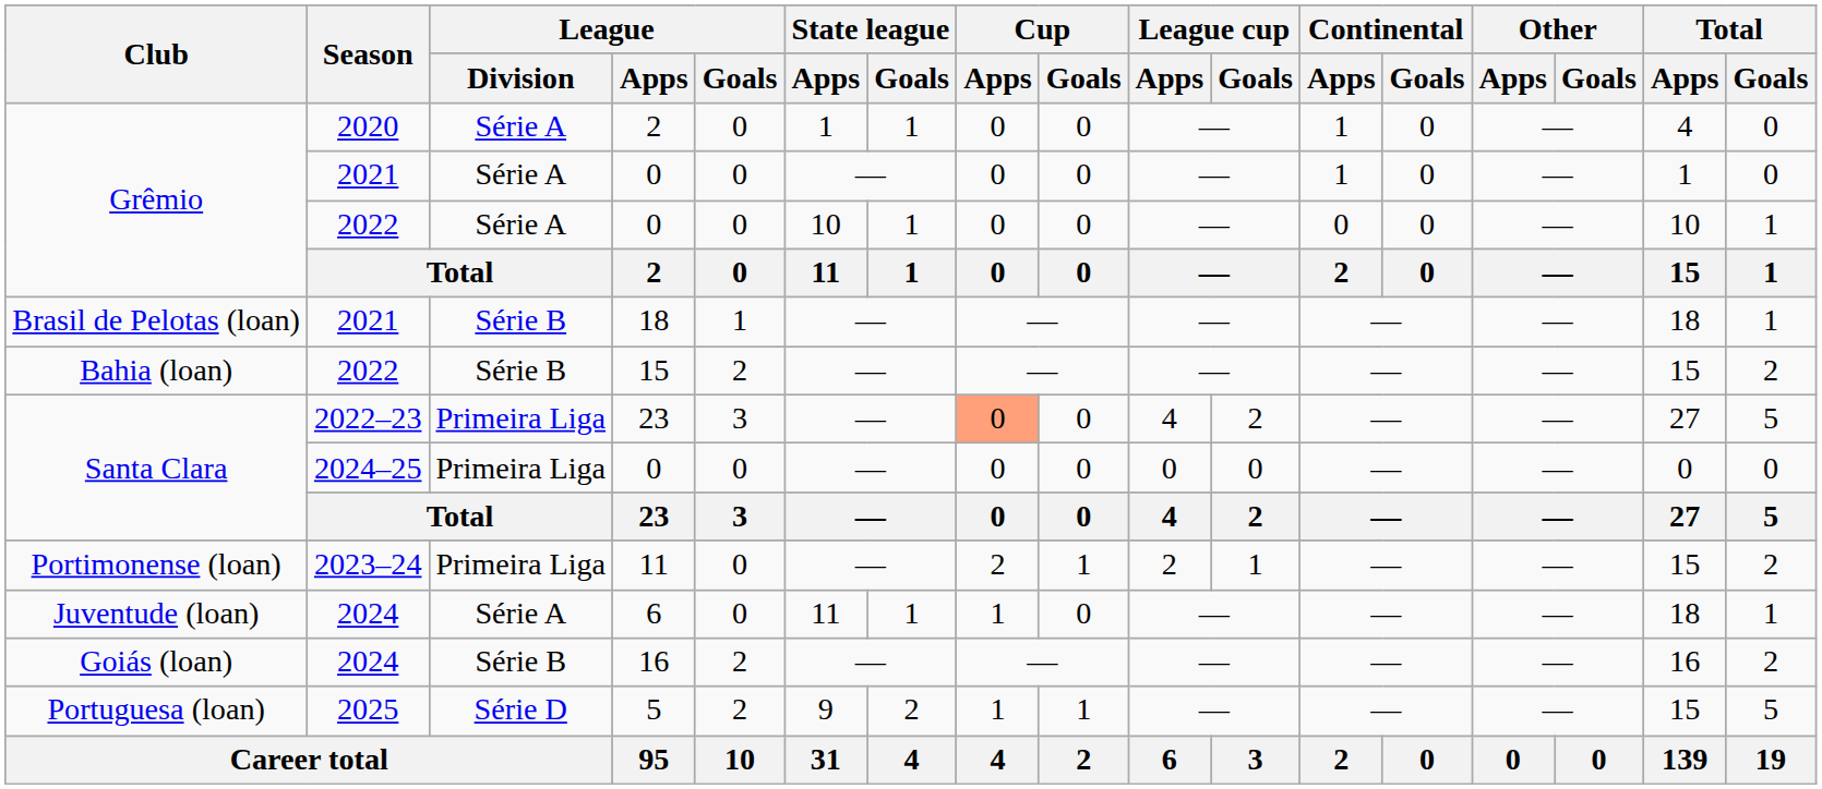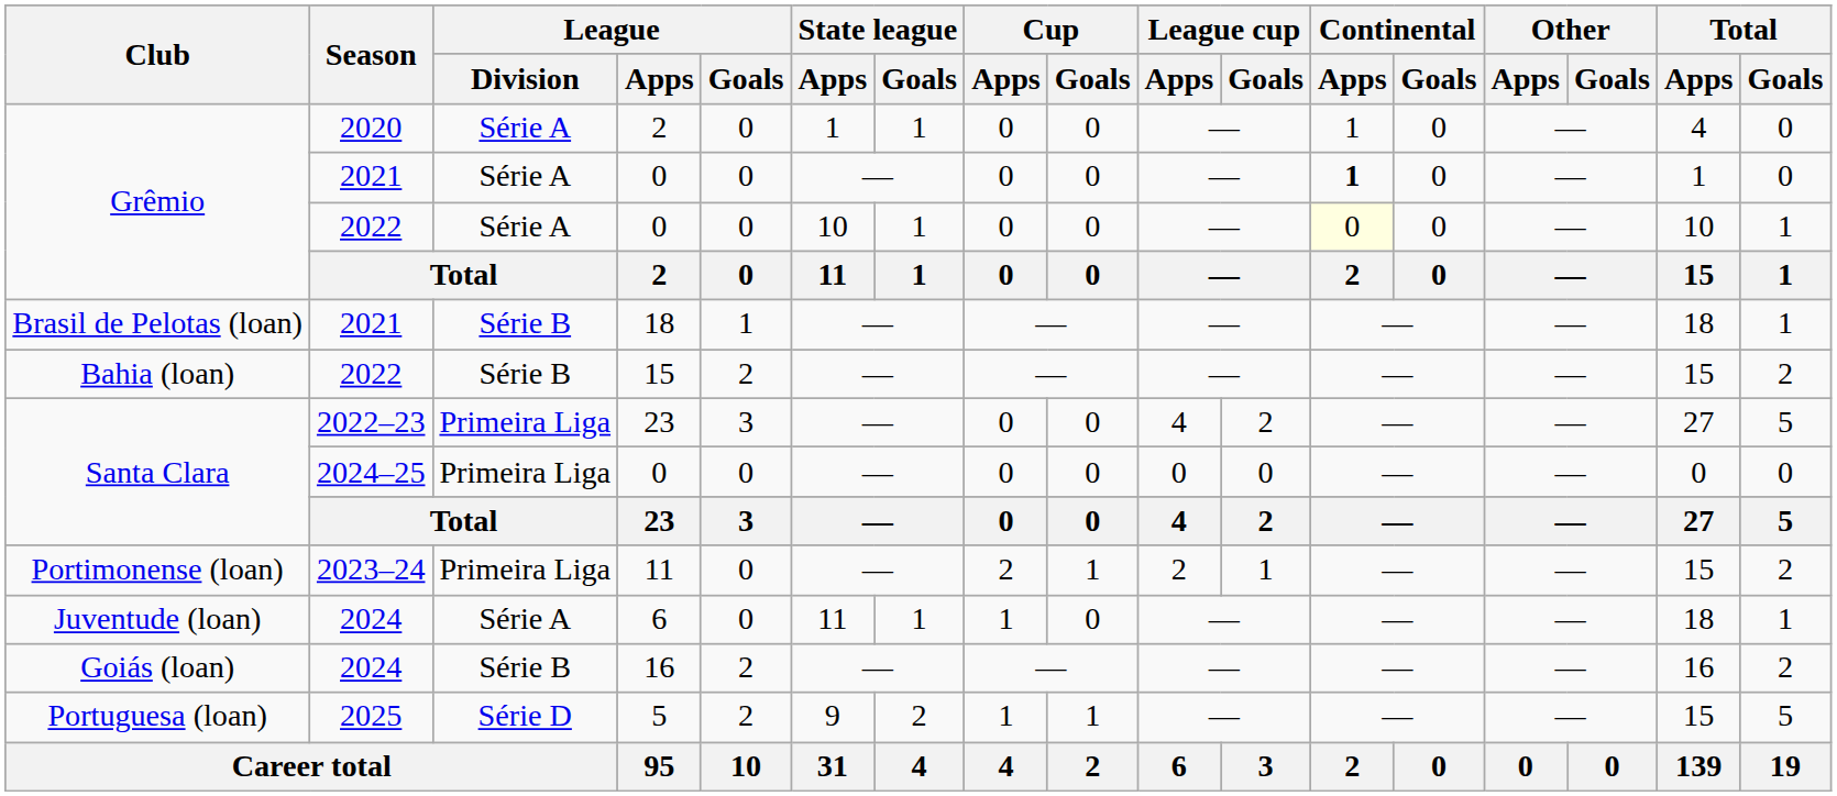 <table class="wikitable" style="text-align: center">
 <tr>
 <th rowspan=2>Club</th>
 <th rowspan=2>Season</th>
 <th colspan=3>League</th>
 <th colspan=2>State league</th>
 <th colspan=2>Cup</th>
 <th colspan=2>League cup</th>
 <th colspan=2>Continental</th>
 <th colspan=2>Other</th>
 <th colspan=2>Total</th>
 </tr>
 <tr>
 <th>Division</th>
 <th>Apps</th>
 <th>Goals</th>
 <th>Apps</th>
 <th>Goals</th>
 <th>Apps</th>
 <th>Goals</th>
 <th>Apps</th>
 <th>Goals</th>
 <th>Apps</th>
 <th>Goals</th>
 <th>Apps</th>
 <th>Goals</th>
 <th>Apps</th>
 <th>Goals</th>
 </tr>
 <tr>
 <td rowspan=4><a href='#'>Grêmio</a></td>
 <td><a href='#'>2020</a></td>
 <td><a href='#'>Série A</a></td>
 <td>2</td>
 <td>0</td>
 <td>1</td>
 <td>1</td>
 <td>0</td>
 <td>0</td>
 <td colspan=2>—</td>
 <td>1</td>
 <td>0</td>
 <td colspan=2>—</td>
 <td>4</td>
 <td>0</td>
 </tr>
 <tr>
 <td><a href='#'>2021</a></td>
 <td>Série A</td>
 <td>0</td>
 <td>0</td>
 <td colspan=2>—</td>
 <td>0</td>
 <td>0</td>
 <td colspan=2>—</td>
-<td>1</td>
+<td><strong>1</strong></td>
 <td>0</td>
 <td colspan=2>—</td>
 <td>1</td>
 <td>0</td>
 </tr>
 <tr>
 <td><a href='#'>2022</a></td>
 <td>Série A</td>
 <td>0</td>
 <td>0</td>
 <td>10</td>
 <td>1</td>
 <td>0</td>
 <td>0</td>
 <td colspan=2>—</td>
-<td>0</td>
+<td style="background: lightyellow;">0</td>
 <td>0</td>
 <td colspan=2>—</td>
 <td>10</td>
 <td>1</td>
 </tr>
 <tr>
 <th colspan=2>Total</th>
 <th>2</th>
 <th>0</th>
 <th>11</th>
 <th>1</th>
 <th>0</th>
 <th>0</th>
 <th colspan=2>—</th>
 <th>2</th>
 <th>0</th>
 <th colspan=2>—</th>
 <th>15</th>
 <th>1</th>
 </tr>
 <tr>
 <td><a href='#'>Brasil de Pelotas</a> (loan)</td>
 <td><a href='#'>2021</a></td>
 <td><a href='#'>Série B</a></td>
 <td>18</td>
 <td>1</td>
 <td colspan=2>—</td>
 <td colspan=2>—</td>
 <td colspan=2>—</td>
 <td colspan=2>—</td>
 <td colspan=2>—</td>
 <td>18</td>
 <td>1</td>
 </tr>
 <tr>
 <td><a href='#'>Bahia</a> (loan)</td>
 <td><a href='#'>2022</a></td>
 <td>Série B</td>
 <td>15</td>
 <td>2</td>
 <td colspan=2>—</td>
 <td colspan=2>—</td>
 <td colspan=2>—</td>
 <td colspan=2>—</td>
 <td colspan=2>—</td>
 <td>15</td>
 <td>2</td>
 </tr>
 <tr>
 <td rowspan="3"><a href='#'>Santa Clara</a></td>
 <td><a href='#'>2022–23</a></td>
 <td><a href='#'>Primeira Liga</a></td>
 <td>23</td>
 <td>3</td>
 <td colspan=2>—</td>
-<td style="background: lightsalmon;">0</td>
+<td>0</td>
 <td>0</td>
 <td>4</td>
 <td>2</td>
 <td colspan=2>—</td>
 <td colspan=2>—</td>
 <td>27</td>
 <td>5</td>
 </tr>
 <tr>
 <td><a href='#'>2024–25</a></td>
 <td>Primeira Liga</td>
 <td>0</td>
 <td>0</td>
 <td colspan=2>—</td>
 <td>0</td>
 <td>0</td>
 <td>0</td>
 <td>0</td>
 <td colspan=2>—</td>
 <td colspan=2>—</td>
 <td>0</td>
 <td>0</td>
 </tr>
 <tr>
 <th colspan="2">Total</th>
 <th>23</th>
 <th>3</th>
 <th colspan=2>—</th>
 <th>0</th>
 <th>0</th>
 <th>4</th>
 <th>2</th>
 <th colspan=2>—</th>
 <th colspan=2>—</th>
 <th>27</th>
 <th>5</th>
 </tr>
 <tr>
 <td><a href='#'>Portimonense</a> (loan)</td>
 <td><a href='#'>2023–24</a></td>
 <td>Primeira Liga</td>
 <td>11</td>
 <td>0</td>
 <td colspan=2>—</td>
 <td>2</td>
 <td>1</td>
 <td>2</td>
 <td>1</td>
 <td colspan=2>—</td>
 <td colspan=2>—</td>
 <td>15</td>
 <td>2</td>
 </tr>
 <tr>
 <td><a href='#'>Juventude</a> (loan)</td>
 <td><a href='#'>2024</a></td>
 <td>Série A</td>
 <td>6</td>
 <td>0</td>
 <td>11</td>
 <td>1</td>
 <td>1</td>
 <td>0</td>
 <td colspan=2>—</td>
 <td colspan=2>—</td>
 <td colspan=2>—</td>
 <td>18</td>
 <td>1</td>
 </tr>
 <tr>
 <td><a href='#'>Goiás</a> (loan)</td>
 <td><a href='#'>2024</a></td>
 <td>Série B</td>
 <td>16</td>
 <td>2</td>
 <td colspan=2>—</td>
 <td colspan=2>—</td>
 <td colspan=2>—</td>
 <td colspan=2>—</td>
 <td colspan=2>—</td>
 <td>16</td>
 <td>2</td>
 </tr>
 <tr>
 <td><a href='#'>Portuguesa</a> (loan)</td>
 <td><a href='#'>2025</a></td>
 <td><a href='#'>Série D</a></td>
 <td>5</td>
 <td>2</td>
 <td>9</td>
 <td>2</td>
 <td>1</td>
 <td>1</td>
 <td colspan=2>—</td>
 <td colspan=2>—</td>
 <td colspan=2>—</td>
 <td>15</td>
 <td>5</td>
 </tr>
 <tr>
 <th colspan=3>Career total</th>
 <th>95</th>
 <th>10</th>
 <th>31</th>
 <th>4</th>
 <th>4</th>
 <th>2</th>
 <th>6</th>
 <th>3</th>
 <th>2</th>
 <th>0</th>
 <th>0</th>
 <th>0</th>
 <th>139</th>
 <th>19</th>
 </tr>
 </table>
